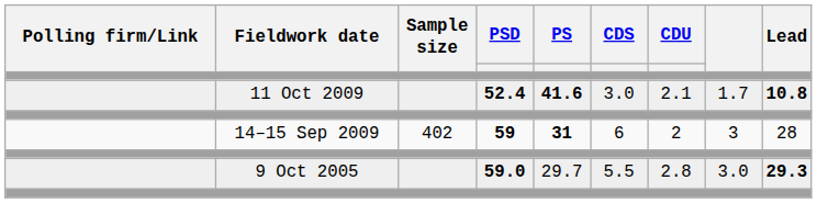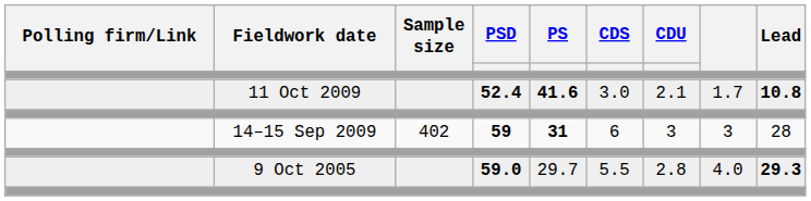 <table class="wikitable collapsible sortable" style="text-align:center; font-size:95%; line-height:16px;">
 <tr style="height:42px;">
 <th style="width:145px;" rowspan="2">Polling firm/Link</th>
 <th style="width:125px;" rowspan="2">Fieldwork date</th>
 <th class="unsortable" style="width:50px;" rowspan="2">Sample size</th>
 <th class="unsortable" style="width:35px;"><a href='#'>PSD</a></th>
 <th class="unsortable" style="width:35px;"><a href='#'>PS</a></th>
 <th class="unsortable" style="width:35px;"><a href='#'>CDS</a></th>
 <th class="unsortable" style="width:35px;"><a href='#'>CDU</a></th>
 <th class="unsortable" style="width:35px;" rowspan="2"></th>
 <th class="unsortable" style="width:30px;" rowspan="2">Lead</th>
 </tr>
 <tr>
 <th class="unsortable" style="color:inherit;background:"></th>
 <th class="unsortable" style="color:inherit;background:"></th>
 <th class="unsortable" style="color:inherit;background:"></th>
 <th class="unsortable" style="color:inherit;background:"></th>
 </tr>
 <tr>
 <td colspan="13" style="background:#A0A0A0"></td>
 </tr>
 <tr style="background:#EFEFEF;">
 <td><strong></strong></td>
 <td data-sort-value="2019-10-06">11 Oct 2009</td>
 <td></td>
 <td><strong>52.4</strong><br></td>
 <td><strong>41.6<br></strong></td>
 <td>3.0<br></td>
 <td>2.1<br></td>
 <td>1.7</td>
 <td style="background:"><strong>10.8</strong></td>
 </tr>
 <tr>
 <td colspan="13" style="background:#A0A0A0"></td>
 </tr>
 <tr>
 <td align="center"></td>
 <td align="center">14–15 Sep 2009</td>
 <td>402</td>
 <td align="center" ><strong>59</strong></td>
 <td align="center"><strong>31</strong></td>
 <td align="center">6</td>
-<td align="center">2</td>
+<td align="center">3</td>
 <td align="center">3</td>
 <td style="background:">28</td>
 </tr>
 <tr>
 <td colspan="13" style="background:#A0A0A0"></td>
 </tr>
 <tr style="background:#EFEFEF;">
 <td><strong></strong></td>
 <td data-sort-value="2019-10-06">9 Oct 2005</td>
 <td></td>
 <td><strong>59.0</strong><br></td>
 <td>29.7<br></td>
 <td>5.5<br></td>
 <td>2.8<br></td>
-<td>3.0</td>
+<td>4.0</td>
 <td style="background:"><strong>29.3</strong></td>
 </tr>
 <tr>
 <td colspan="13" style="background:#A0A0A0"></td>
 </tr>
 <tr>
 </tr>
 </table>
